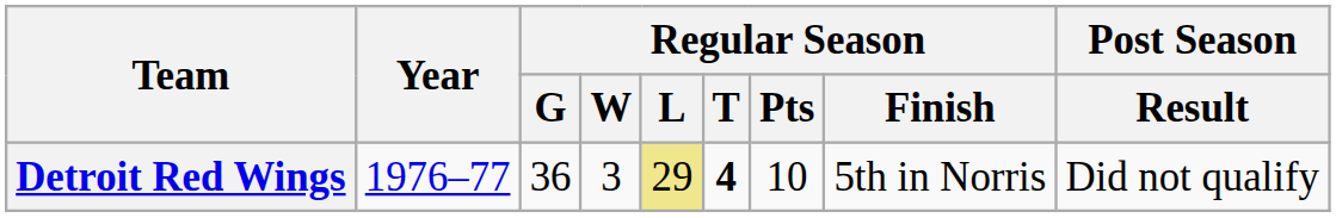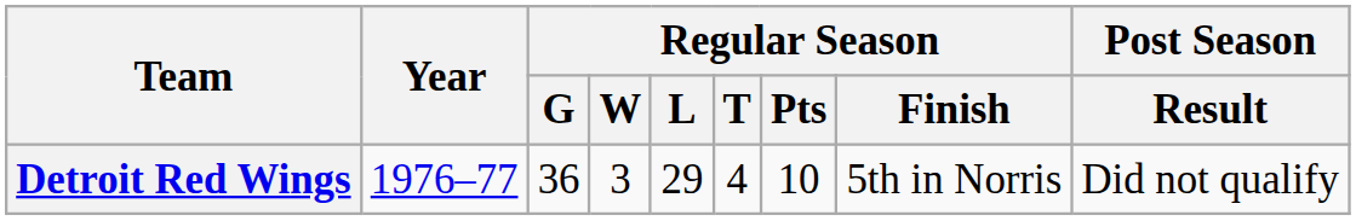 <table class="wikitable" style="font-size: 95%; text-align:center;">
 <tr>
 <th rowspan="2">Team</th>
 <th rowspan="2">Year</th>
 <th colspan="6">Regular Season</th>
 <th colspan="1">Post Season</th>
 </tr>
 <tr>
 <th>G</th>
 <th>W</th>
 <th>L</th>
 <th>T</th>
 <th>Pts</th>
 <th>Finish</th>
 <th>Result</th>
 </tr>
 <tr>
 <th><a href='#'>Detroit Red Wings</a></th>
 <td><a href='#'>1976–77</a></td>
 <td>36</td>
 <td>3</td>
-<td style="background: khaki;">29</td>
-<td><strong>4</strong></td>
+<td>29</td>
+<td>4</td>
 <td>10</td>
 <td>5th in Norris</td>
 <td>Did not qualify</td>
 </tr>
 </table>
